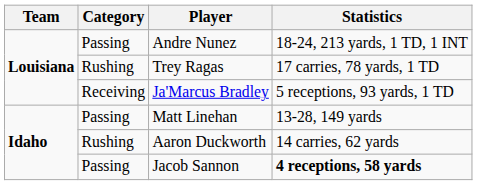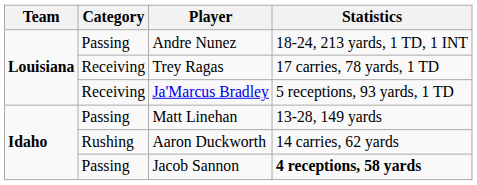 <table class="wikitable" style="float: left;">
 <tr>
 <th>Team</th>
 <th>Category</th>
 <th>Player</th>
 <th>Statistics</th>
 </tr>
 <tr>
 <td rowspan=3><strong>Louisiana</strong></td>
 <td>Passing</td>
 <td>Andre Nunez</td>
 <td>18-24, 213 yards, 1 TD, 1 INT</td>
 </tr>
 <tr>
-<td>Rushing</td>
+<td>Receiving</td>
 <td>Trey Ragas</td>
 <td>17 carries, 78 yards, 1 TD</td>
 </tr>
 <tr>
 <td>Receiving</td>
 <td><a href='#'>Ja'Marcus Bradley</a></td>
 <td>5 receptions, 93 yards, 1 TD</td>
 </tr>
 <tr>
 <td rowspan=3><strong>Idaho</strong></td>
 <td>Passing</td>
 <td>Matt Linehan</td>
 <td>13-28, 149 yards</td>
 </tr>
 <tr>
 <td>Rushing</td>
 <td>Aaron Duckworth</td>
 <td>14 carries, 62 yards</td>
 </tr>
 <tr>
 <td>Passing</td>
 <td>Jacob Sannon</td>
 <td><strong>4 receptions, 58 yards</strong></td>
 </tr>
 </table>
